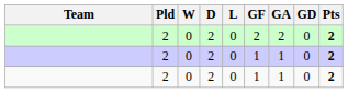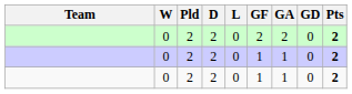 <table class="wikitable" style="text-align: center;">
 <tr>
 <th width=175>Team</th>
+<th width=20 abbr="Won">W</th>
 <th width=20 abbr="Played">Pld</th>
-<th width=20 abbr="Won">W</th>
 <th width=20 abbr="Drawn">D</th>
 <th width=20 abbr="Lost">L</th>
 <th width=20 abbr="Goals for">GF</th>
 <th width=20 abbr="Goals against">GA</th>
 <th width=20 abbr="Goal difference">GD</th>
 <th width=20 abbr="Points">Pts</th>
 </tr>
 <tr bgcolor=#ccffcc>
 <td align=left></td>
+<td>0</td>
 <td>2</td>
-<td>0</td>
 <td>2</td>
 <td>0</td>
 <td>2</td>
 <td>2</td>
 <td>0</td>
 <td><strong>2</strong></td>
 </tr>
 <tr bgcolor=#ccccff>
 <td align=left></td>
+<td>0</td>
 <td>2</td>
-<td>0</td>
 <td>2</td>
 <td>0</td>
 <td>1</td>
 <td>1</td>
 <td>0</td>
 <td><strong>2</strong></td>
 </tr>
 <tr>
 <td align=left></td>
+<td>0</td>
 <td>2</td>
-<td>0</td>
 <td>2</td>
 <td>0</td>
 <td>1</td>
 <td>1</td>
 <td>0</td>
 <td><strong>2</strong></td>
 </tr>
 </table>
